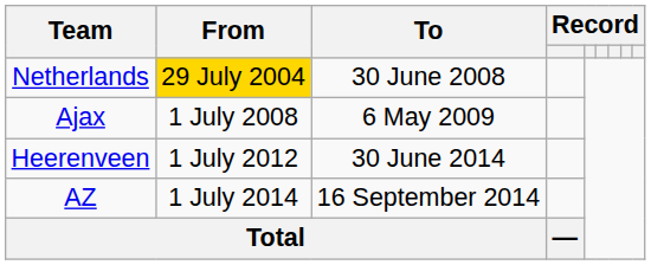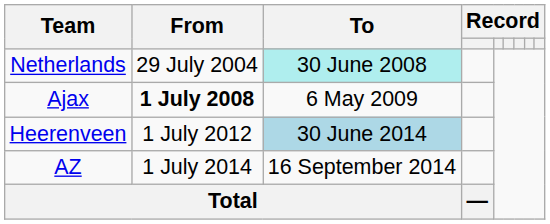 <table class="wikitable" style="text-align: center">
 <tr>
 <th rowspan="2">Team</th>
 <th rowspan="2">From</th>
 <th rowspan="2">To</th>
 <th colspan="6">Record</th>
 </tr>
 <tr>
 <th></th>
 <th></th>
 <th></th>
 <th></th>
 <th></th>
 <th></th>
 </tr>
 <tr>
 <td><a href='#'>Netherlands</a></td>
-<td style="background: gold;">29 July 2004</td>
-<td>30 June 2008<br></td>
+<td>29 July 2004</td>
+<td style="background: paleturquoise;">30 June 2008<br></td>
 <td></td>
 </tr>
 <tr>
 <td><a href='#'>Ajax</a></td>
-<td>1 July 2008</td>
+<td><strong>1 July 2008</strong></td>
 <td>6 May 2009<br></td>
 <td></td>
 </tr>
 <tr>
 <td><a href='#'>Heerenveen</a></td>
 <td>1 July 2012</td>
-<td>30 June 2014<br></td>
+<td style="background: lightblue;">30 June 2014<br></td>
 <td></td>
 </tr>
 <tr>
 <td><a href='#'>AZ</a></td>
 <td>1 July 2014</td>
 <td>16 September 2014<br></td>
 <td></td>
 </tr>
 <tr>
 <th colspan="3">Total<br></th>
 <th>—</th>
 </tr>
 </table>
